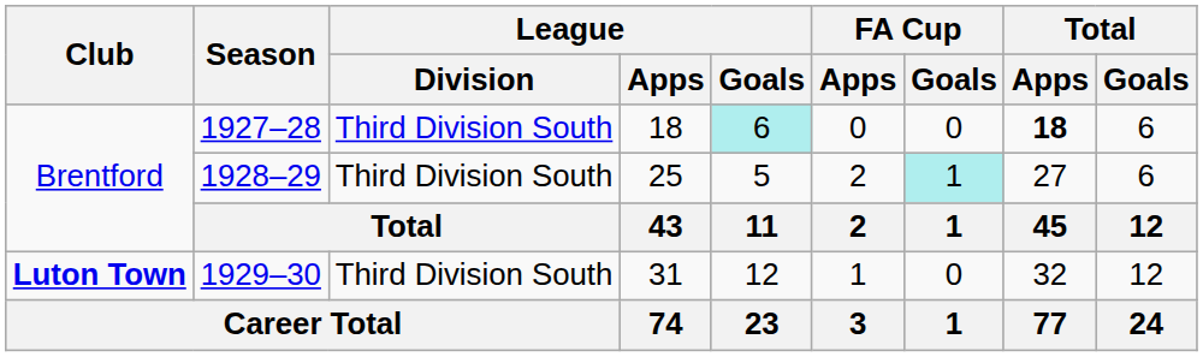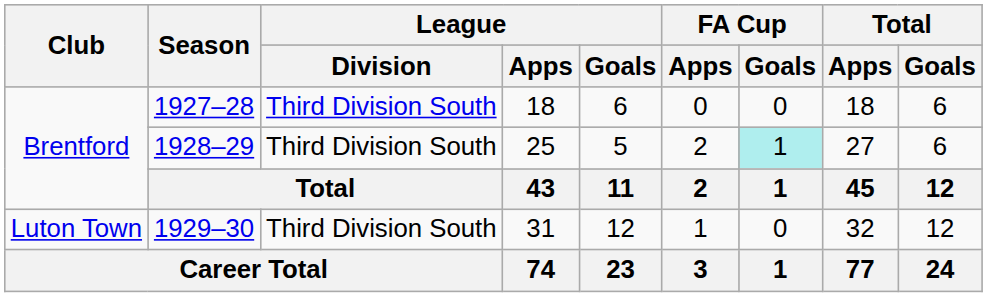 <table class="wikitable" style="text-align: center;">
 <tr>
 <th rowspan="2">Club</th>
 <th rowspan="2">Season</th>
 <th colspan="3">League</th>
 <th colspan="2">FA Cup</th>
 <th colspan="2">Total</th>
 </tr>
 <tr>
 <th>Division</th>
 <th>Apps</th>
 <th>Goals</th>
 <th>Apps</th>
 <th>Goals</th>
 <th>Apps</th>
 <th>Goals</th>
 </tr>
 <tr>
 <td rowspan="3"><a href='#'>Brentford</a></td>
 <td><a href='#'>1927–28</a></td>
 <td><a href='#'>Third Division South</a></td>
 <td>18</td>
-<td style="background: paleturquoise;">6</td>
+<td>6</td>
 <td>0</td>
 <td>0</td>
-<td><strong>18</strong></td>
+<td>18</td>
 <td>6</td>
 </tr>
 <tr>
 <td><a href='#'>1928–29</a></td>
 <td>Third Division South</td>
 <td>25</td>
 <td>5</td>
 <td>2</td>
 <td style="background: paleturquoise;">1</td>
 <td>27</td>
 <td>6</td>
 </tr>
 <tr>
 <th colspan="2">Total</th>
 <th>43</th>
 <th>11</th>
 <th>2</th>
 <th>1</th>
 <th>45</th>
 <th>12</th>
 </tr>
 <tr>
-<td><strong><a href='#'>Luton Town</a></strong></td>
+<td><a href='#'>Luton Town</a></td>
 <td><a href='#'>1929–30</a></td>
 <td>Third Division South</td>
 <td>31</td>
 <td>12</td>
 <td>1</td>
 <td>0</td>
 <td>32</td>
 <td>12</td>
 </tr>
 <tr>
 <th colspan="3">Career Total</th>
 <th>74</th>
 <th>23</th>
 <th>3</th>
 <th>1</th>
 <th>77</th>
 <th>24</th>
 </tr>
 </table>
